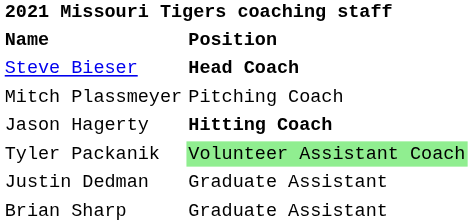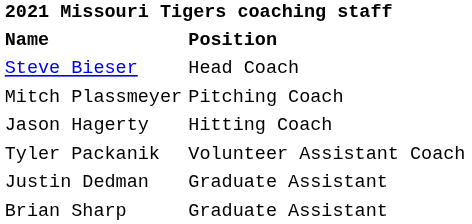 <table class="toccolours" style="text-align: left; font-size:90%;">
 <tr>
 <th colspan="10">2021 Missouri Tigers coaching staff</th>
 </tr>
 <tr>
 <th>Name</th>
 <th>Position</th>
 </tr>
 <tr>
 <td><a href='#'>Steve Bieser</a></td>
-<td><strong>Head Coach</strong></td>
+<td>Head Coach</td>
 </tr>
 <tr>
 <td>Mitch Plassmeyer</td>
 <td>Pitching Coach</td>
 </tr>
 <tr>
 <td>Jason Hagerty</td>
-<td><strong>Hitting Coach</strong></td>
+<td>Hitting Coach</td>
 </tr>
 <tr>
 <td>Tyler Packanik</td>
-<td style="background: lightgreen;">Volunteer Assistant Coach</td>
+<td>Volunteer Assistant Coach</td>
 </tr>
 <tr>
 <td>Justin Dedman</td>
 <td>Graduate Assistant</td>
 </tr>
 <tr>
 <td>Brian Sharp</td>
 <td>Graduate Assistant</td>
 </tr>
 </table>
